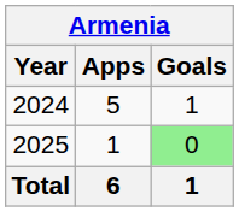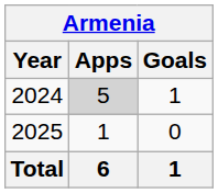 <table class="wikitable" style="text-align:center">
 <tr>
 <th colspan=4><a href='#'>Armenia</a></th>
 </tr>
 <tr>
 <th>Year</th>
 <th>Apps</th>
 <th>Goals</th>
 </tr>
 <tr>
 <td>2024</td>
-<td>5</td>
+<td style="background: lightgrey;">5</td>
 <td>1</td>
 </tr>
 <tr>
 <td>2025</td>
 <td>1</td>
-<td style="background: lightgreen;">0</td>
+<td>0</td>
 </tr>
 <tr>
 <th>Total</th>
 <th>6</th>
 <th>1</th>
 </tr>
 </table>
